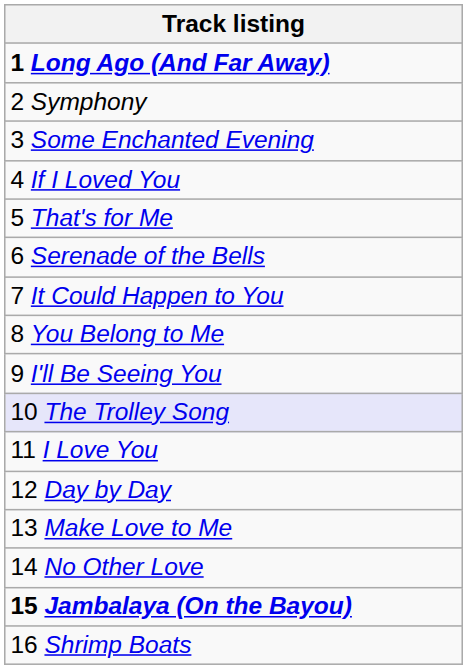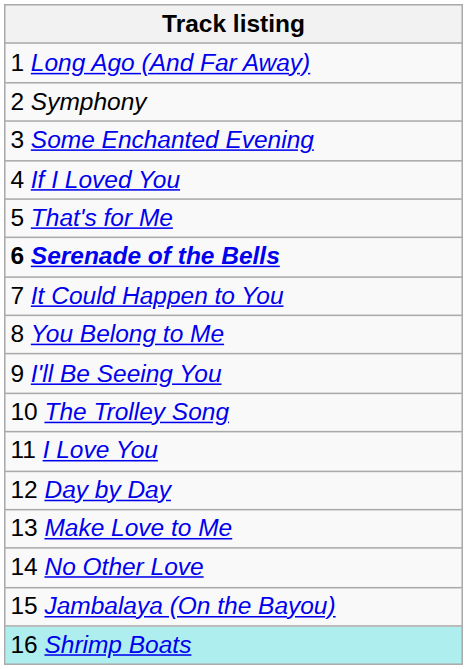 <table class="wikitable collapsible collapsed" style="width:300px;">
 <tr>
 <th>Track listing</th>
 </tr>
 <tr>
-<td><strong>1 <em><a href='#'>Long Ago (And Far Away)</a></em></strong></td>
+<td>1 <em><a href='#'>Long Ago (And Far Away)</a></em></td>
 </tr>
 <tr>
 <td>2 <em>Symphony</em></td>
 </tr>
 <tr>
 <td>3 <em><a href='#'>Some Enchanted Evening</a></em></td>
 </tr>
 <tr>
 <td>4 <em><a href='#'>If I Loved You</a></em></td>
 </tr>
 <tr>
 <td>5 <em><a href='#'>That's for Me</a></em></td>
 </tr>
 <tr>
-<td>6 <em><a href='#'>Serenade of the Bells</a></em></td>
+<td><strong>6 <em><a href='#'>Serenade of the Bells</a></em></strong></td>
 </tr>
 <tr>
 <td>7 <em><a href='#'>It Could Happen to You</a></em></td>
 </tr>
 <tr>
 <td>8 <em><a href='#'>You Belong to Me</a></em></td>
 </tr>
 <tr>
 <td>9  <em><a href='#'>I'll Be Seeing You</a></em></td>
 </tr>
 <tr>
-<td style="background: lavender;">10 <em><a href='#'>The Trolley Song</a></em></td>
+<td>10 <em><a href='#'>The Trolley Song</a></em></td>
 </tr>
 <tr>
 <td>11 <em><a href='#'>I Love You</a></em></td>
 </tr>
 <tr>
 <td>12 <em><a href='#'>Day by Day</a></em></td>
 </tr>
 <tr>
 <td>13 <em><a href='#'>Make Love to Me</a></em></td>
 </tr>
 <tr>
 <td>14 <em><a href='#'>No Other Love</a></em></td>
 </tr>
 <tr>
-<td><strong>15 <em><a href='#'>Jambalaya (On the Bayou)</a></em></strong></td>
+<td>15 <em><a href='#'>Jambalaya (On the Bayou)</a></em></td>
 </tr>
 <tr>
-<td>16 <em><a href='#'>Shrimp Boats</a></em></td>
+<td style="background: paleturquoise;">16 <em><a href='#'>Shrimp Boats</a></em></td>
 </tr>
 </table>
